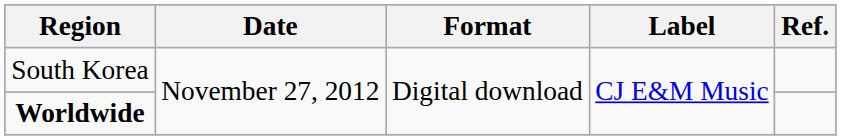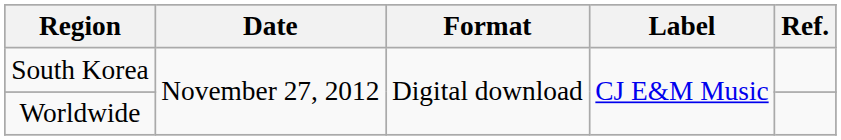 <table class="wikitable">
 <tr>
 <th style="text-align:center;">Region</th>
 <th style="text-align:center;">Date</th>
 <th style="text-align:center;">Format</th>
 <th style="text-align:center;">Label</th>
 <th style="text-align:center;">Ref.</th>
 </tr>
 <tr>
 <td style="text-align:center;">South Korea</td>
 <td style="text-align:center;" rowspan="2">November 27, 2012</td>
 <td rowspan="2">Digital download</td>
 <td rowspan="2"><a href='#'>CJ E&M Music</a></td>
 <td></td>
 </tr>
 <tr>
-<td style="text-align:center;"><strong>Worldwide</strong></td>
+<td style="text-align:center;">Worldwide</td>
 <td style="text-align:center;"></td>
 </tr>
 </table>
